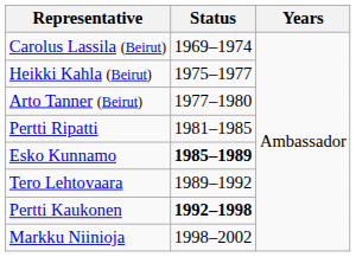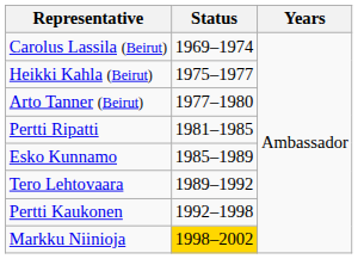 <table class="wikitable sortable">
 <tr>
 <th>Representative</th>
 <th>Status</th>
 <th>Years</th>
 </tr>
 <tr>
 <td><a href='#'>Carolus Lassila</a> <small>(<a href='#'>Beirut</a>)</small></td>
 <td>1969–1974</td>
 <td rowspan="8">Ambassador</td>
 </tr>
 <tr>
 <td><a href='#'>Heikki Kahla</a> <small>(<a href='#'>Beirut</a>)</small></td>
 <td>1975–1977</td>
 </tr>
 <tr>
 <td><a href='#'>Arto Tanner</a> <small>(<a href='#'>Beirut</a>)</small></td>
 <td>1977–1980</td>
 </tr>
 <tr>
 <td><a href='#'>Pertti Ripatti</a></td>
 <td>1981–1985</td>
 </tr>
 <tr>
 <td><a href='#'>Esko Kunnamo</a></td>
-<td><strong>1985–1989</strong></td>
+<td>1985–1989</td>
 </tr>
 <tr>
 <td><a href='#'>Tero Lehtovaara</a></td>
 <td>1989–1992</td>
 </tr>
 <tr>
 <td><a href='#'>Pertti Kaukonen</a></td>
-<td><strong>1992–1998</strong></td>
+<td>1992–1998</td>
 </tr>
 <tr>
 <td><a href='#'>Markku Niinioja</a></td>
-<td>1998–2002</td>
+<td style="background: gold;">1998–2002</td>
 </tr>
 </table>
